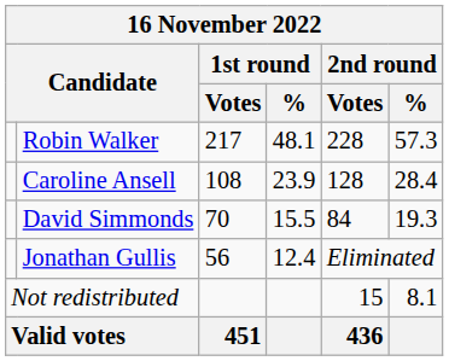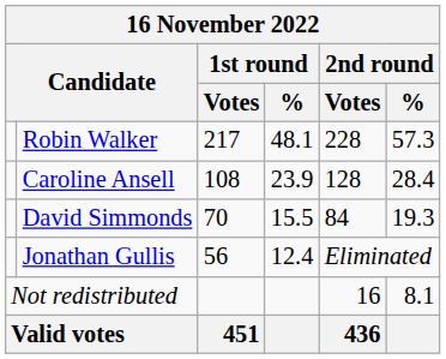 <table class="wikitable" style="min-width:250px">
 <tr>
 <th colspan="6">16 November 2022</th>
 </tr>
 <tr>
 <th colspan="2" rowspan="2">Candidate</th>
 <th colspan="2">1st round</th>
 <th colspan="2">2nd round</th>
 </tr>
 <tr>
 <th>Votes</th>
 <th>%</th>
 <th>Votes</th>
 <th>%</th>
 </tr>
 <tr>
 <td style="color:inherit;background-color: "></td>
 <td><a href='#'>Robin Walker</a></td>
 <td>217</td>
 <td>48.1</td>
 <td>228</td>
 <td>57.3</td>
 </tr>
 <tr>
 <td style="color:inherit;background-color: "></td>
 <td><a href='#'>Caroline Ansell</a></td>
 <td>108</td>
 <td>23.9</td>
 <td>128</td>
 <td>28.4</td>
 </tr>
 <tr>
 <td style="color:inherit;background-color: "></td>
 <td><a href='#'>David Simmonds</a></td>
 <td>70</td>
 <td>15.5</td>
 <td>84</td>
 <td>19.3</td>
 </tr>
 <tr>
 <td style="color:inherit;background-color: "></td>
 <td><a href='#'>Jonathan Gullis</a></td>
 <td>56</td>
 <td>12.4</td>
 <td colspan=2><em>Eliminated</em></td>
 </tr>
 <tr>
 <td colspan="2"><em>Not redistributed</em></td>
 <td align="right"></td>
 <td align="right"></td>
-<td align="right">15</td>
+<td align="right">16</td>
 <td align="right">8.1</td>
 </tr>
 <tr>
 <th style="text-align:left;" colspan="2">Valid votes</th>
 <th style="text-align:right;">451</th>
 <th style="text-align:right;"></th>
 <th style="text-align:right;">436</th>
 <th style="text-align:right;"></th>
 </tr>
 </table>
